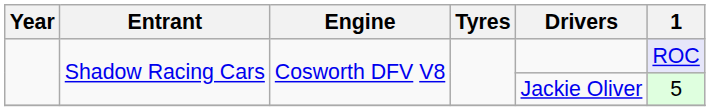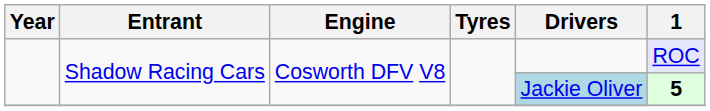 <table class="wikitable" style="text-align:center; font-size:90%">
 <tr>
 <th>Year</th>
 <th>Entrant</th>
 <th>Engine</th>
 <th>Tyres</th>
 <th>Drivers</th>
 <th>1</th>
 </tr>
 <tr>
 <td rowspan="2"></td>
 <td rowspan="2"><a href='#'>Shadow Racing Cars</a></td>
 <td rowspan="2"><a href='#'>Cosworth DFV</a> <a href='#'>V8</a></td>
 <td rowspan="2"></td>
 <td></td>
 <td style="background: lavender;"><a href='#'>ROC</a></td>
 </tr>
 <tr>
-<td align="left"><a href='#'>Jackie Oliver</a></td>
-<td style="background:#dfffdf;">5</td>
+<td align="left" style="background: lightblue;"><a href='#'>Jackie Oliver</a></td>
+<td style="background:#dfffdf;"><strong>5</strong></td>
 </tr>
 <tr>
 </tr>
 </table>
